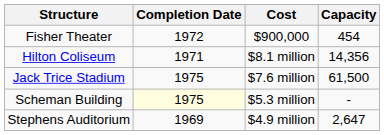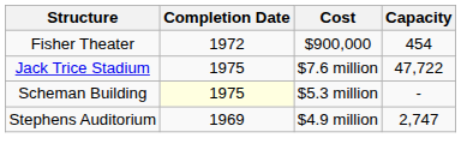 <table class="wikitable" style="text-align: center">
 <tr align=center>
 <th>Structure</th>
 <th>Completion Date</th>
 <th>Cost</th>
 <th>Capacity</th>
 </tr>
 <tr>
 <td>Fisher Theater</td>
 <td>1972</td>
 <td>$900,000</td>
 <td>454</td>
 </tr>
 <tr>
-<td><a href='#'>Hilton Coliseum</a></td>
-<td>1971</td>
-<td>$8.1 million</td>
-<td>14,356</td>
-</tr>
-<tr>
 <td><a href='#'>Jack Trice Stadium</a></td>
 <td>1975</td>
 <td>$7.6 million</td>
-<td>61,500</td>
+<td>47,722</td>
 </tr>
 <tr>
 <td>Scheman Building</td>
 <td style="background: lightyellow;">1975</td>
 <td>$5.3 million</td>
 <td>-</td>
 </tr>
 <tr>
 <td>Stephens Auditorium</td>
 <td>1969</td>
 <td>$4.9 million</td>
-<td>2,647</td>
+<td>2,747</td>
 </tr>
 </table>
